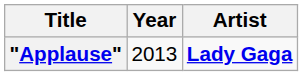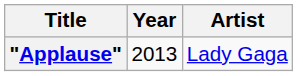 <table class="wikitable plainrowheaders" style="text-align:center;">
 <tr>
 <th scope="col">Title</th>
 <th scope="col">Year</th>
 <th scope="col">Artist</th>
 </tr>
 <tr>
 <th scope="row">"<a href='#'>Applause</a>"</th>
 <td rowspan="2">2013</td>
-<td><strong><a href='#'>Lady Gaga</a></strong></td>
+<td><a href='#'>Lady Gaga</a></td>
 </tr>
 </table>
